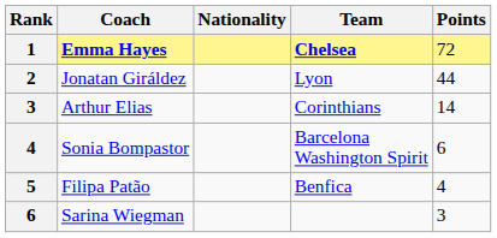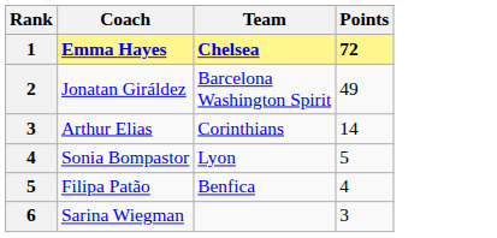 <table class="wikitable sortable">
 <tr>
 <th>Rank</th>
 <th>Coach</th>
-<th>Nationality</th>
 <th>Team</th>
 <th>Points</th>
 </tr>
 <tr style="background-color:#FFF68F">
 <th scope="row">1</th>
 <td><strong><a href='#'>Emma Hayes</a></strong></td>
-<td></td>
 <td><strong> <a href='#'>Chelsea</a><br></strong></td>
-<td>72</td>
+<td><strong>72</strong></td>
 </tr>
 <tr>
 <th scope="row">2</th>
 <td><a href='#'>Jonatan Giráldez</a></td>
-<td></td>
-<td> <a href='#'>Lyon</a></td>
-<td>44</td>
+<td> <a href='#'>Barcelona</a><br> <a href='#'>Washington Spirit</a></td>
+<td>49</td>
 </tr>
 <tr>
 <th scope="row">3</th>
 <td><a href='#'>Arthur Elias</a></td>
-<td></td>
 <td> <a href='#'>Corinthians</a><br></td>
 <td>14</td>
 </tr>
 <tr>
 <th scope="row">4</th>
 <td><a href='#'>Sonia Bompastor</a></td>
-<td></td>
-<td> <a href='#'>Barcelona</a><br> <a href='#'>Washington Spirit</a></td>
-<td>6</td>
+<td> <a href='#'>Lyon</a></td>
+<td>5</td>
 </tr>
 <tr>
 <th scope="row">5</th>
 <td><a href='#'>Filipa Patão</a></td>
-<td></td>
 <td> <a href='#'>Benfica</a></td>
 <td>4</td>
 </tr>
 <tr>
 <th scope="row">6</th>
 <td><a href='#'>Sarina Wiegman</a></td>
 <td></td>
-<td></td>
 <td>3</td>
 </tr>
 </table>
